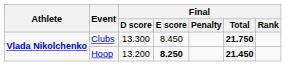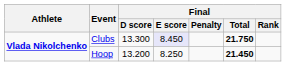 <table class=wikitable style="font-size:90%">
 <tr>
 <th rowspan=2>Athlete</th>
 <th rowspan=2>Event</th>
 <th colspan=5>Final</th>
 </tr>
 <tr style="font-size:95%">
 <th>D score</th>
 <th>E score</th>
 <th>Penalty</th>
 <th>Total</th>
 <th>Rank</th>
 </tr>
 <tr align=center>
 <td align=left rowspan=2><strong><a href='#'>Vlada Nikolchenko</a></strong></td>
 <td align=left><a href='#'>Clubs</a></td>
 <td>13.300</td>
-<td>8.450</td>
+<td style="background: lavender;">8.450</td>
 <td></td>
 <td><strong>21.750</strong></td>
 <td></td>
 </tr>
 <tr align=center>
 <td align=left><a href='#'>Hoop</a></td>
 <td>13.200</td>
-<td><strong>8.250</strong></td>
+<td>8.250</td>
 <td></td>
 <td><strong>21.450</strong></td>
 <td></td>
 </tr>
 </table>
